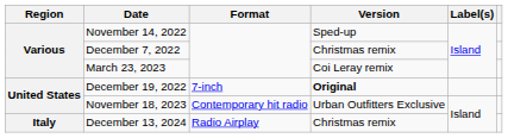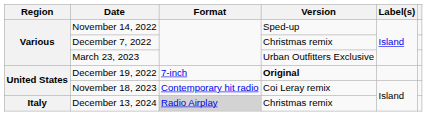 <table class="wikitable plainrowheaders">
 <tr>
 <th scope="col">Region</th>
 <th scope="col">Date</th>
 <th scope="col">Format</th>
 <th scope="col">Version</th>
 <th scope="col">Label(s)</th>
 <th scope="col"></th>
 </tr>
 <tr>
 <th scope="row" rowspan="3">Various</th>
 <td>November 14, 2022</td>
 <td rowspan="3"></td>
 <td>Sped-up</td>
 <td rowspan="3"><a href='#'>Island</a></td>
 <td style="text-align:center;"></td>
 </tr>
 <tr>
 <td>December 7, 2022</td>
 <td>Christmas remix</td>
 <td style="text-align:center;"></td>
 </tr>
 <tr>
 <td>March 23, 2023</td>
-<td>Coi Leray remix</td>
+<td>Urban Outfitters Exclusive</td>
 <td style="text-align:center;"></td>
 </tr>
 <tr>
 <th rowspan="2" scope="row">United States</th>
 <td>December 19, 2022</td>
 <td><a href='#'>7-inch</a></td>
 <td><strong>Original</strong></td>
 <td></td>
 <td style="text-align:center;"></td>
 </tr>
 <tr>
 <td>November 18, 2023</td>
 <td><a href='#'>Contemporary hit radio</a></td>
-<td>Urban Outfitters Exclusive</td>
+<td>Coi Leray remix</td>
 <td rowspan="2">Island</td>
 <td style="text-align:center;"></td>
 </tr>
 <tr>
 <th scope="row">Italy</th>
 <td>December 13, 2024</td>
-<td><a href='#'>Radio Airplay</a></td>
+<td style="background: lightgrey;"><a href='#'>Radio Airplay</a></td>
 <td>Christmas remix</td>
 <td style="text-align:center;"></td>
 </tr>
 </table>
